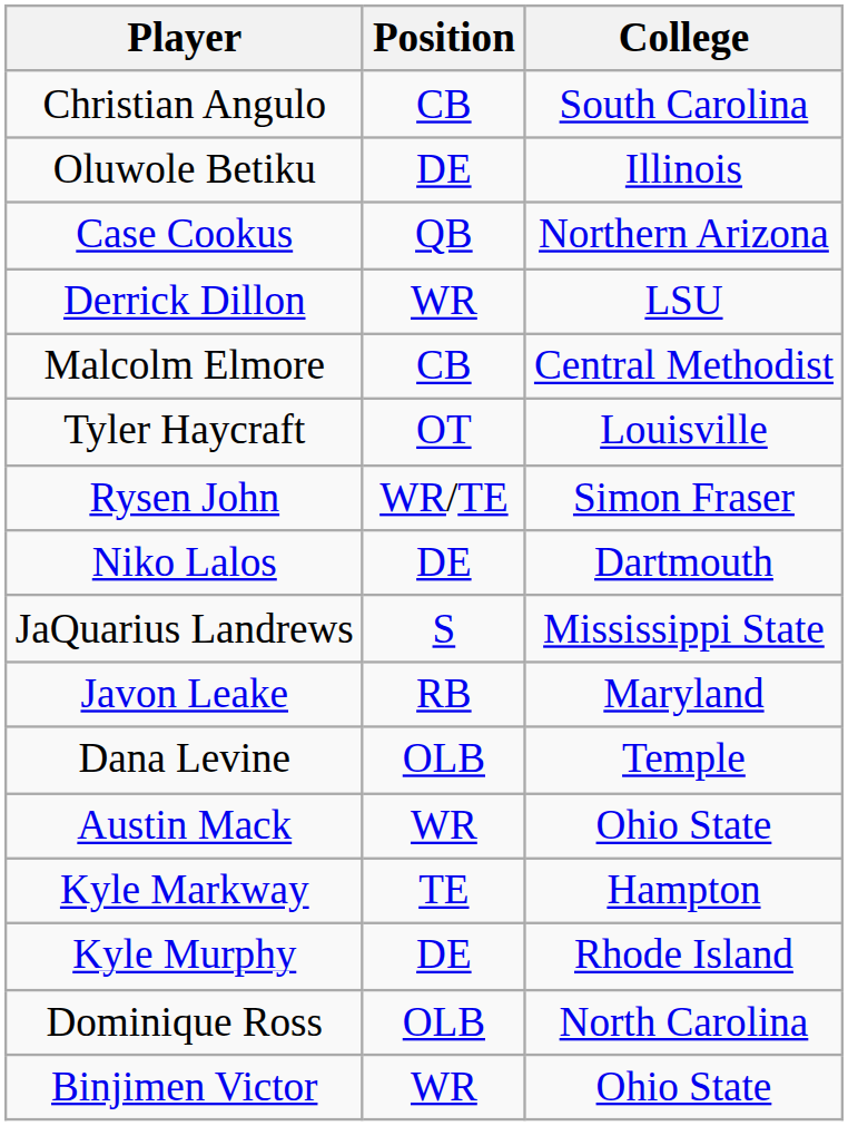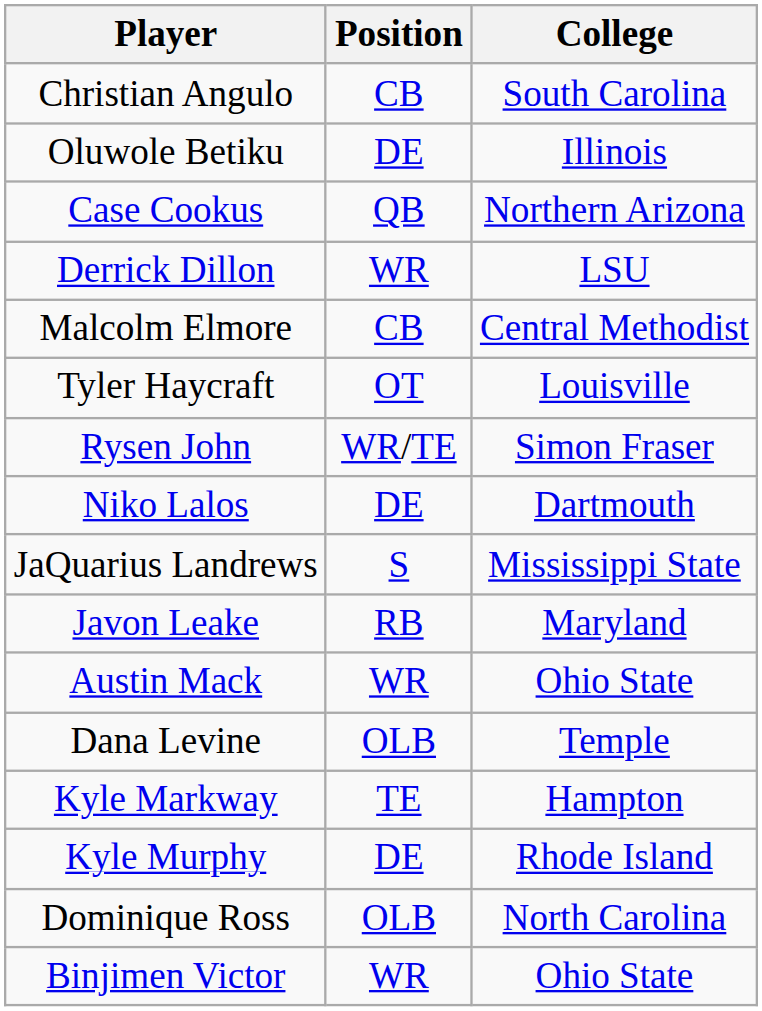 <table class="wikitable" style="text-align:center">
 <tr>
 <th>Player</th>
 <th>Position</th>
 <th>College</th>
 </tr>
 <tr>
 <td>Christian Angulo</td>
 <td><a href='#'>CB</a></td>
 <td><a href='#'>South Carolina</a></td>
 </tr>
 <tr>
 <td>Oluwole Betiku</td>
 <td><a href='#'>DE</a></td>
 <td><a href='#'>Illinois</a></td>
 </tr>
 <tr>
 <td><a href='#'>Case Cookus</a></td>
 <td><a href='#'>QB</a></td>
 <td><a href='#'>Northern Arizona</a></td>
 </tr>
 <tr>
 <td><a href='#'>Derrick Dillon</a></td>
 <td><a href='#'>WR</a></td>
 <td><a href='#'>LSU</a></td>
 </tr>
 <tr>
 <td>Malcolm Elmore</td>
 <td><a href='#'>CB</a></td>
 <td><a href='#'>Central Methodist</a></td>
 </tr>
 <tr>
 <td>Tyler Haycraft</td>
 <td><a href='#'>OT</a></td>
 <td><a href='#'>Louisville</a></td>
 </tr>
 <tr>
 <td><a href='#'>Rysen John</a></td>
 <td><a href='#'>WR</a>/<a href='#'>TE</a></td>
 <td><a href='#'>Simon Fraser</a></td>
 </tr>
 <tr>
 <td><a href='#'>Niko Lalos</a></td>
 <td><a href='#'>DE</a></td>
 <td><a href='#'>Dartmouth</a></td>
 </tr>
 <tr>
 <td>JaQuarius Landrews</td>
 <td><a href='#'>S</a></td>
 <td><a href='#'>Mississippi State</a></td>
 </tr>
 <tr>
 <td><a href='#'>Javon Leake</a></td>
 <td><a href='#'>RB</a></td>
 <td><a href='#'>Maryland</a></td>
 </tr>
 <tr>
+<td><a href='#'>Austin Mack</a></td>
+<td><a href='#'>WR</a></td>
+<td><a href='#'>Ohio State</a></td>
+</tr>
+<tr>
 <td>Dana Levine</td>
 <td><a href='#'>OLB</a></td>
 <td><a href='#'>Temple</a></td>
-</tr>
-<tr>
-<td><a href='#'>Austin Mack</a></td>
-<td><a href='#'>WR</a></td>
-<td><a href='#'>Ohio State</a></td>
 </tr>
 <tr>
 <td><a href='#'>Kyle Markway</a></td>
 <td><a href='#'>TE</a></td>
 <td><a href='#'>Hampton</a></td>
 </tr>
 <tr>
 <td><a href='#'>Kyle Murphy</a></td>
 <td><a href='#'>DE</a></td>
 <td><a href='#'>Rhode Island</a></td>
 </tr>
 <tr>
 <td>Dominique Ross</td>
 <td><a href='#'>OLB</a></td>
 <td><a href='#'>North Carolina</a></td>
 </tr>
 <tr>
 <td><a href='#'>Binjimen Victor</a></td>
 <td><a href='#'>WR</a></td>
 <td><a href='#'>Ohio State</a></td>
 </tr>
 </table>
